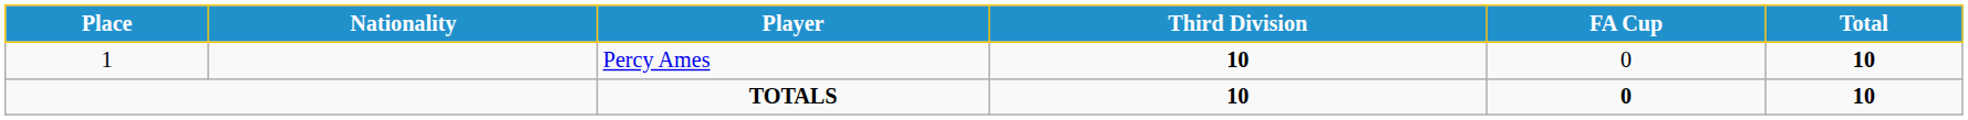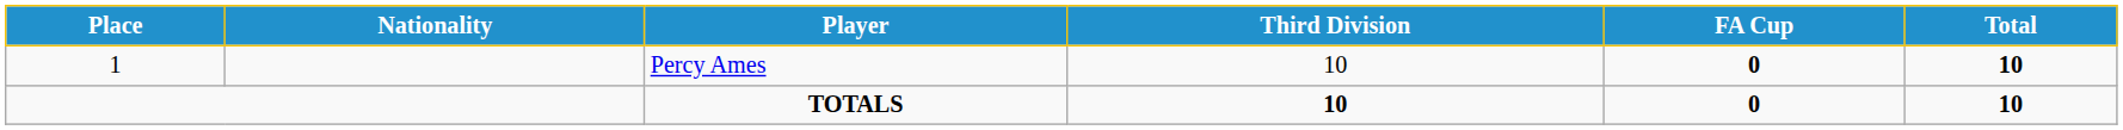 <table class="wikitable" style="text-align:center; font-size:90%; width:100%;">
 <tr>
 <th style="background:#2191CC; color:white; border:1px solid #F7C408; text-align:center;">Place</th>
 <th style="background:#2191CC; color:white; border:1px solid #F7C408; text-align:center;">Nationality</th>
 <th style="background:#2191CC; color:white; border:1px solid #F7C408; text-align:center;">Player</th>
 <th style="background:#2191CC; color:white; border:1px solid #F7C408; text-align:center;">Third Division</th>
 <th style="background:#2191CC; color:white; border:1px solid #F7C408; text-align:center;">FA Cup</th>
 <th style="background:#2191CC; color:white; border:1px solid #F7C408; text-align:center;">Total</th>
 </tr>
 <tr>
 <td>1</td>
 <td></td>
 <td align="left"><a href='#'>Percy Ames</a></td>
-<td><strong>10</strong></td>
-<td>0</td>
+<td>10</td>
+<td><strong>0</strong></td>
 <td><strong>10</strong></td>
 </tr>
 <tr>
 <td colspan="2"></td>
 <td><strong>TOTALS</strong></td>
 <td><strong>10</strong></td>
 <td><strong>0</strong></td>
 <td><strong>10</strong></td>
 </tr>
 </table>
